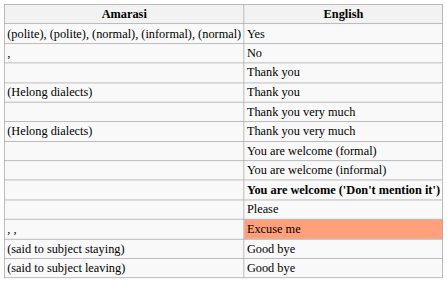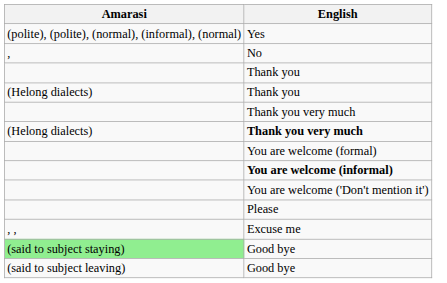 <table class="wikitable">
 <tr>
 <th>Amarasi</th>
 <th>English</th>
 </tr>
 <tr>
 <td> (polite),  (polite),  (normal),  (informal),  (normal)</td>
 <td>Yes</td>
 </tr>
 <tr>
 <td>, </td>
 <td>No</td>
 </tr>
 <tr>
 <td></td>
 <td>Thank you</td>
 </tr>
 <tr>
 <td> (Helong dialects)</td>
 <td>Thank you</td>
 </tr>
 <tr>
 <td></td>
 <td>Thank you very much</td>
 </tr>
 <tr>
 <td> (Helong dialects)</td>
-<td>Thank you very much</td>
+<td><strong>Thank you very much</strong></td>
 </tr>
 <tr>
 <td></td>
 <td>You are welcome (formal)</td>
 </tr>
 <tr>
 <td></td>
-<td>You are welcome (informal)</td>
+<td><strong>You are welcome (informal)</strong></td>
 </tr>
 <tr>
 <td></td>
-<td><strong>You are welcome ('Don't mention it')</strong></td>
+<td>You are welcome ('Don't mention it')</td>
 </tr>
 <tr>
 <td></td>
 <td>Please</td>
 </tr>
 <tr>
 <td>, , </td>
-<td style="background: lightsalmon;">Excuse me</td>
+<td>Excuse me</td>
 </tr>
 <tr>
-<td> (said to subject staying)</td>
+<td style="background: lightgreen;"> (said to subject staying)</td>
 <td>Good bye</td>
 </tr>
 <tr>
 <td> (said to subject leaving)</td>
 <td>Good bye</td>
 </tr>
 </table>
